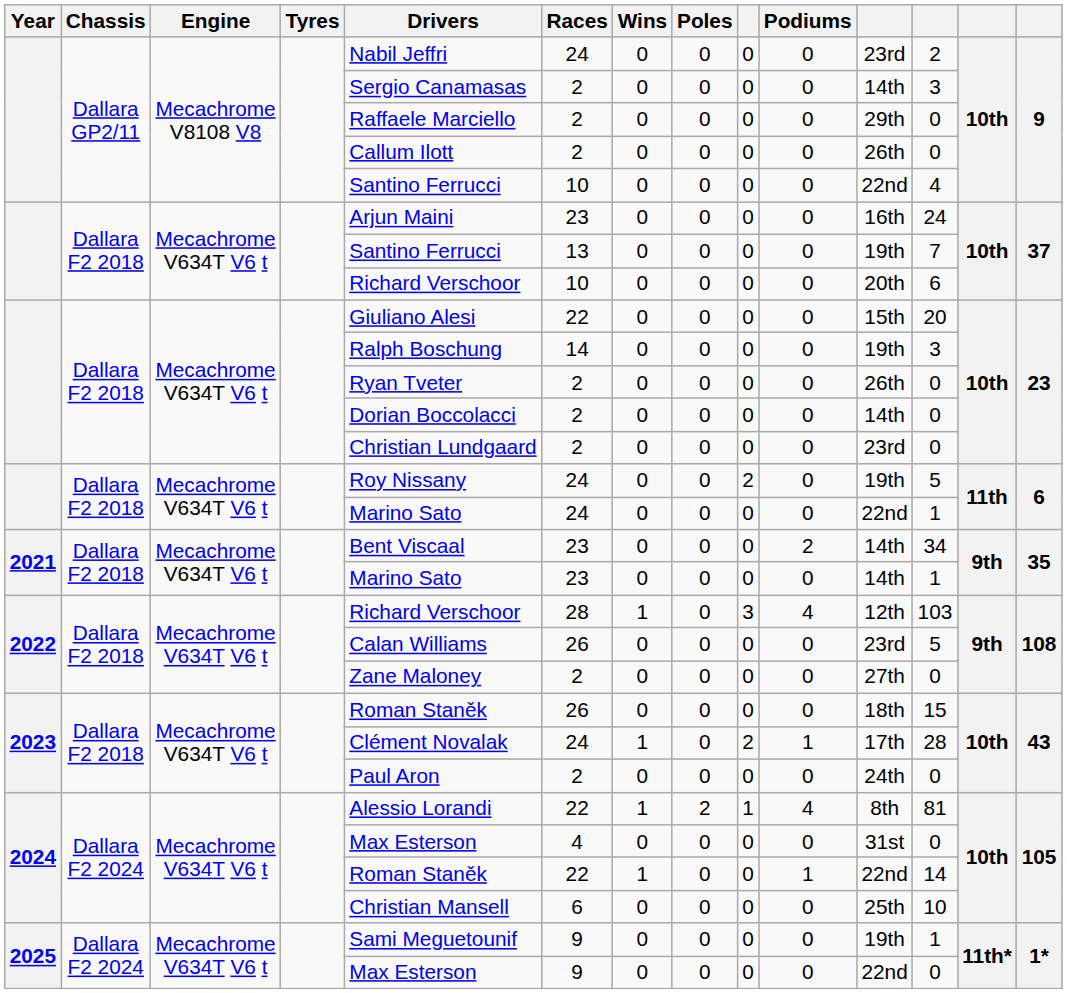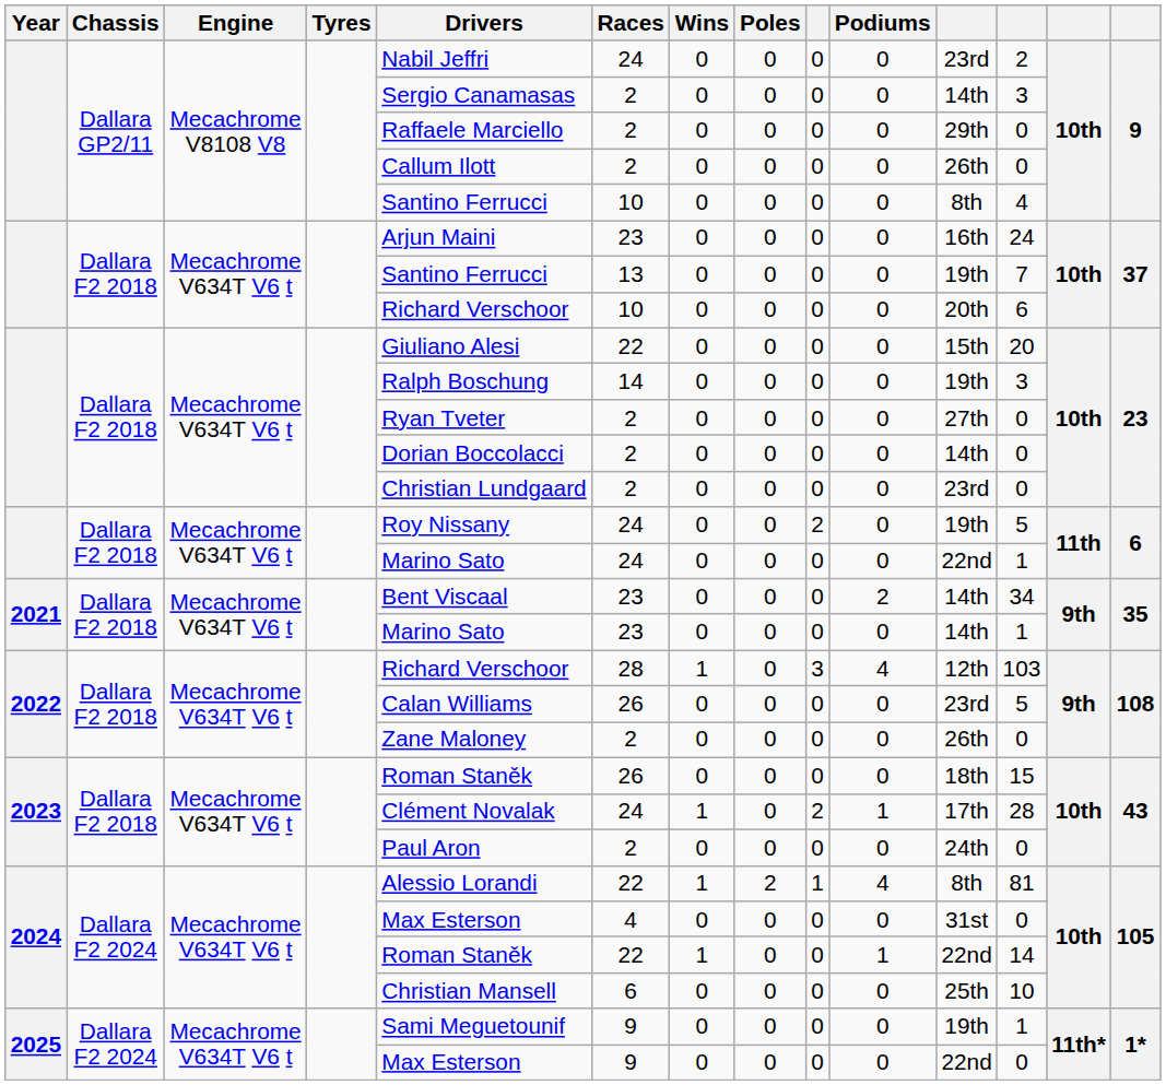 <table class="wikitable" style="text-align:center; font-size:85%">
 <tr>
 <th>Year</th>
 <th>Chassis</th>
 <th>Engine</th>
 <th>Tyres</th>
 <th>Drivers</th>
 <th>Races</th>
 <th>Wins</th>
 <th>Poles</th>
 <th></th>
 <th>Podiums</th>
 <th></th>
 <th></th>
 <th></th>
 <th></th>
 </tr>
 <tr>
 <th rowspan=5></th>
 <td rowspan=5><a href='#'>Dallara</a><br><a href='#'>GP2/11</a></td>
 <td rowspan=5><a href='#'>Mecachrome</a><br>V8108 <a href='#'>V8</a></td>
 <td rowspan=5></td>
 <td align=left> <a href='#'>Nabil Jeffri</a></td>
 <td>24</td>
 <td>0</td>
 <td>0</td>
 <td>0</td>
 <td>0</td>
 <td>23rd</td>
 <td>2</td>
 <th rowspan=5>10th</th>
 <th rowspan=5>9</th>
 </tr>
 <tr>
 <td align=left> <a href='#'>Sergio Canamasas</a></td>
 <td>2</td>
 <td>0</td>
 <td>0</td>
 <td>0</td>
 <td>0</td>
 <td>14th</td>
 <td>3</td>
 </tr>
 <tr>
 <td align=left> <a href='#'>Raffaele Marciello</a></td>
 <td>2</td>
 <td>0</td>
 <td>0</td>
 <td>0</td>
 <td>0</td>
 <td>29th</td>
 <td>0</td>
 </tr>
 <tr>
 <td align=left> <a href='#'>Callum Ilott</a></td>
 <td>2</td>
 <td>0</td>
 <td>0</td>
 <td>0</td>
 <td>0</td>
 <td>26th</td>
 <td>0</td>
 </tr>
 <tr>
 <td align=left> <a href='#'>Santino Ferrucci</a></td>
 <td>10</td>
 <td>0</td>
 <td>0</td>
 <td>0</td>
 <td>0</td>
-<td>22nd</td>
+<td>8th</td>
 <td>4</td>
 </tr>
 <tr>
 <th rowspan=3></th>
 <td rowspan=3><a href='#'>Dallara</a><br><a href='#'>F2 2018</a></td>
 <td rowspan=3><a href='#'>Mecachrome</a><br>V634T <a href='#'>V6</a> <a href='#'>t</a></td>
 <td rowspan=3></td>
 <td align=left> <a href='#'>Arjun Maini</a></td>
 <td>23</td>
 <td>0</td>
 <td>0</td>
 <td>0</td>
 <td>0</td>
 <td>16th</td>
 <td>24</td>
 <th rowspan=3>10th</th>
 <th rowspan=3>37</th>
 </tr>
 <tr>
 <td align=left> <a href='#'>Santino Ferrucci</a></td>
 <td>13</td>
 <td>0</td>
 <td>0</td>
 <td>0</td>
 <td>0</td>
 <td>19th</td>
 <td>7</td>
 </tr>
 <tr>
 <td align=left> <a href='#'>Richard Verschoor</a></td>
 <td>10</td>
 <td>0</td>
 <td>0</td>
 <td>0</td>
 <td>0</td>
 <td>20th</td>
 <td>6</td>
 </tr>
 <tr>
 <th rowspan=5></th>
 <td rowspan=5><a href='#'>Dallara</a><br><a href='#'>F2 2018</a></td>
 <td rowspan=5><a href='#'>Mecachrome</a><br>V634T <a href='#'>V6</a> <a href='#'>t</a></td>
 <td rowspan=5></td>
 <td align=left> <a href='#'>Giuliano Alesi</a></td>
 <td>22</td>
 <td>0</td>
 <td>0</td>
 <td>0</td>
 <td>0</td>
 <td>15th</td>
 <td>20</td>
 <th rowspan=5>10th</th>
 <th rowspan=5>23</th>
 </tr>
 <tr>
 <td align=left> <a href='#'>Ralph Boschung</a></td>
 <td>14</td>
 <td>0</td>
 <td>0</td>
 <td>0</td>
 <td>0</td>
 <td>19th</td>
 <td>3</td>
 </tr>
 <tr>
 <td align=left> <a href='#'>Ryan Tveter</a></td>
 <td>2</td>
 <td>0</td>
 <td>0</td>
 <td>0</td>
 <td>0</td>
-<td>26th</td>
+<td>27th</td>
 <td>0</td>
 </tr>
 <tr>
 <td align=left> <a href='#'>Dorian Boccolacci</a></td>
 <td>2</td>
 <td>0</td>
 <td>0</td>
 <td>0</td>
 <td>0</td>
 <td>14th</td>
 <td>0</td>
 </tr>
 <tr>
 <td align=left> <a href='#'>Christian Lundgaard</a></td>
 <td>2</td>
 <td>0</td>
 <td>0</td>
 <td>0</td>
 <td>0</td>
 <td>23rd</td>
 <td>0</td>
 </tr>
 <tr>
 <th rowspan=2></th>
 <td rowspan=2><a href='#'>Dallara</a><br><a href='#'>F2 2018</a></td>
 <td rowspan=2><a href='#'>Mecachrome</a><br>V634T <a href='#'>V6</a> <a href='#'>t</a></td>
 <td rowspan=2></td>
 <td align=left> <a href='#'>Roy Nissany</a></td>
 <td>24</td>
 <td>0</td>
 <td>0</td>
 <td>2</td>
 <td>0</td>
 <td>19th</td>
 <td>5</td>
 <th rowspan=2>11th</th>
 <th rowspan=2>6</th>
 </tr>
 <tr>
 <td align=left> <a href='#'>Marino Sato</a></td>
 <td>24</td>
 <td>0</td>
 <td>0</td>
 <td>0</td>
 <td>0</td>
 <td>22nd</td>
 <td>1</td>
 </tr>
 <tr>
 <th rowspan="2"><a href='#'>2021</a></th>
 <td rowspan=2><a href='#'>Dallara</a><br><a href='#'>F2 2018</a></td>
 <td rowspan=2><a href='#'>Mecachrome</a><br>V634T <a href='#'>V6</a> <a href='#'>t</a></td>
 <td rowspan=2></td>
 <td align=left> <a href='#'>Bent Viscaal</a></td>
 <td>23</td>
 <td>0</td>
 <td>0</td>
 <td>0</td>
 <td>2</td>
 <td>14th</td>
 <td>34</td>
 <th rowspan="2">9th</th>
 <th rowspan="2">35</th>
 </tr>
 <tr>
 <td align=left> <a href='#'>Marino Sato</a></td>
 <td>23</td>
 <td>0</td>
 <td>0</td>
 <td>0</td>
 <td>0</td>
 <td>14th</td>
 <td>1</td>
 </tr>
 <tr>
 <th rowspan="3"><a href='#'>2022</a></th>
 <td rowspan=3><a href='#'>Dallara</a><br><a href='#'>F2 2018</a></td>
 <td rowspan=3><a href='#'>Mecachrome</a><br><a href='#'>V634T</a> <a href='#'>V6</a> <a href='#'>t</a></td>
 <td rowspan=3></td>
 <td align=left> <a href='#'>Richard Verschoor</a></td>
 <td>28</td>
 <td>1</td>
 <td>0</td>
 <td>3</td>
 <td>4</td>
 <td style="background:#;">12th</td>
 <td style="background:#;">103</td>
 <th rowspan="3" style="background:;">9th</th>
 <th rowspan="3" style="background:;">108</th>
 </tr>
 <tr>
 <td align=left> <a href='#'>Calan Williams</a></td>
 <td>26</td>
 <td>0</td>
 <td>0</td>
 <td>0</td>
 <td>0</td>
 <td>23rd</td>
 <td>5</td>
 </tr>
 <tr>
 <td align=left> <a href='#'>Zane Maloney</a></td>
 <td>2</td>
 <td>0</td>
 <td>0</td>
 <td>0</td>
 <td>0</td>
-<td>27th</td>
+<td>26th</td>
 <td>0</td>
 </tr>
 <tr>
 <th rowspan=3><a href='#'>2023</a></th>
 <td rowspan=3><a href='#'>Dallara</a><br><a href='#'>F2 2018</a></td>
 <td rowspan=3><a href='#'>Mecachrome</a><br>V634T <a href='#'>V6</a> <a href='#'>t</a></td>
 <td rowspan=3></td>
 <td align=left> <a href='#'>Roman Staněk</a></td>
 <td>26</td>
 <td>0</td>
 <td>0</td>
 <td>0</td>
 <td>0</td>
 <td>18th</td>
 <td>15</td>
 <th rowspan=3>10th</th>
 <th rowspan=3>43</th>
 </tr>
 <tr>
 <td align=left> <a href='#'>Clément Novalak</a></td>
 <td>24</td>
 <td>1</td>
 <td>0</td>
 <td>2</td>
 <td>1</td>
 <td>17th</td>
 <td>28</td>
 </tr>
 <tr>
 <td align=left> <a href='#'>Paul Aron</a></td>
 <td>2</td>
 <td>0</td>
 <td>0</td>
 <td>0</td>
 <td>0</td>
 <td>24th</td>
 <td>0</td>
 </tr>
 <tr>
 <th rowspan=4><a href='#'>2024</a></th>
 <td rowspan=4><a href='#'>Dallara</a><br><a href='#'>F2 2024</a></td>
 <td rowspan=4><a href='#'>Mecachrome</a><br><a href='#'>V634T</a> <a href='#'>V6</a> <a href='#'>t</a></td>
 <td rowspan=4></td>
 <td align=left> <a href='#'>Alessio Lorandi</a></td>
 <td>22</td>
 <td>1</td>
 <td>2</td>
 <td>1</td>
 <td>4</td>
 <td>8th</td>
 <td>81</td>
 <th rowspan=4>10th</th>
 <th rowspan=4>105</th>
 </tr>
 <tr>
 <td align=left> <a href='#'>Max Esterson</a></td>
 <td>4</td>
 <td>0</td>
 <td>0</td>
 <td>0</td>
 <td>0</td>
 <td>31st</td>
 <td>0</td>
 </tr>
 <tr>
 <td align=left> <a href='#'>Roman Staněk</a></td>
 <td>22</td>
 <td>1</td>
 <td>0</td>
 <td>0</td>
 <td>1</td>
 <td>22nd</td>
 <td>14</td>
 </tr>
 <tr>
 <td align=left> <a href='#'>Christian Mansell</a></td>
 <td>6</td>
 <td>0</td>
 <td>0</td>
 <td>0</td>
 <td>0</td>
 <td>25th</td>
 <td>10</td>
 </tr>
 <tr>
 <th rowspan="2"><a href='#'>2025</a></th>
 <td rowspan=2><a href='#'>Dallara</a><br><a href='#'>F2 2024</a></td>
 <td rowspan=2><a href='#'>Mecachrome</a><br><a href='#'>V634T</a> <a href='#'>V6</a> <a href='#'>t</a></td>
 <td rowspan=2></td>
 <td align=left> <a href='#'>Sami Meguetounif</a></td>
 <td>9</td>
 <td>0</td>
 <td>0</td>
 <td>0</td>
 <td>0</td>
 <td style="background:#;">19th</td>
 <td style="background:#;">1</td>
 <th rowspan="2" style="background:#;">11th*</th>
 <th rowspan="2" style="background:#;">1*</th>
 </tr>
 <tr>
 <td align=left> <a href='#'>Max Esterson</a></td>
 <td>9</td>
 <td>0</td>
 <td>0</td>
 <td>0</td>
 <td>0</td>
 <td style="background:#;">22nd</td>
 <td style="background:#;">0</td>
 </tr>
 </table>
